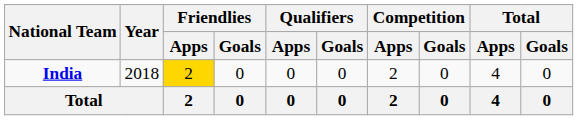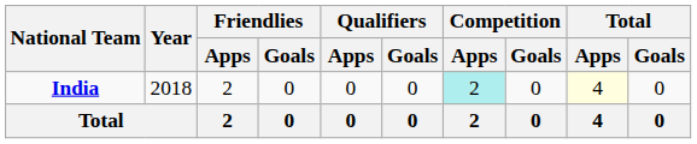 <table class="wikitable" style="text-align: center;">
 <tr>
 <th rowspan="2" style="width:100px;">National Team</th>
 <th rowspan="2">Year</th>
 <th colspan="2">Friendlies</th>
 <th colspan="2">Qualifiers</th>
 <th colspan="2">Competition</th>
 <th colspan="2">Total</th>
 </tr>
 <tr>
 <th width="40">Apps</th>
 <th width="40">Goals</th>
 <th width="40">Apps</th>
 <th width="40">Goals</th>
 <th width="40">Apps</th>
 <th width="40">Goals</th>
 <th width="40">Apps</th>
 <th width="40">Goals</th>
 </tr>
 <tr>
 <td rowspan="1"><strong><a href='#'>India</a></strong></td>
 <td>2018</td>
-<td style="background: gold;">2</td>
+<td>2</td>
 <td>0</td>
 <td>0</td>
 <td>0</td>
-<td>2</td>
+<td style="background: paleturquoise;">2</td>
 <td>0</td>
-<td>4</td>
+<td style="background: lightyellow;">4</td>
 <td>0</td>
 </tr>
 <tr>
 <th colspan="2">Total</th>
 <th>2</th>
 <th>0</th>
 <th>0</th>
 <th>0</th>
 <th>2</th>
 <th>0</th>
 <th>4</th>
 <th>0</th>
 </tr>
 </table>
